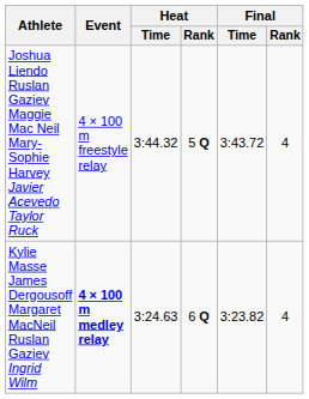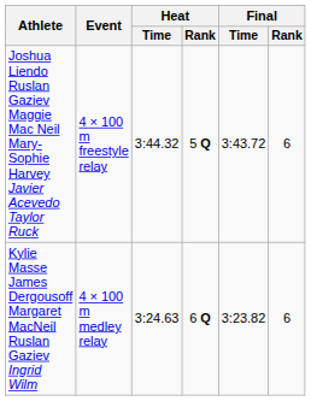 <table class="wikitable" style="text-align:center; font-size:90%; width:30%;">
 <tr>
 <th rowspan="2">Athlete</th>
 <th rowspan="2">Event</th>
 <th colspan="2">Heat</th>
 <th colspan="2">Final</th>
 </tr>
 <tr style="font-size:95%">
 <th>Time</th>
 <th>Rank</th>
 <th>Time</th>
 <th>Rank</th>
 </tr>
 <tr>
 <td align=left><a href='#'>Joshua Liendo</a><br><a href='#'>Ruslan Gaziev</a> <br><a href='#'>Maggie Mac Neil</a><br><a href='#'>Mary-Sophie Harvey</a><br> <em><a href='#'>Javier Acevedo</a> <br><a href='#'>Taylor Ruck</a></em></td>
 <td align=left><a href='#'>4 × 100 m freestyle relay</a></td>
 <td>3:44.32</td>
 <td>5 <strong>Q</strong></td>
 <td>3:43.72</td>
-<td>4</td>
+<td>6</td>
 </tr>
 <tr>
 <td align=left><a href='#'>Kylie Masse</a> <br><a href='#'>James Dergousoff</a> <br><a href='#'>Margaret MacNeil</a> <br><a href='#'>Ruslan Gaziev</a><br> <em><a href='#'>Ingrid Wilm</a></em></td>
-<td align=left><strong><a href='#'>4 × 100 m medley relay</a></strong></td>
+<td align=left><a href='#'>4 × 100 m medley relay</a></td>
 <td>3:24.63</td>
 <td>6 <strong>Q</strong></td>
 <td>3:23.82</td>
-<td>4</td>
+<td>6</td>
 </tr>
 </table>
